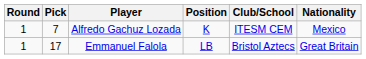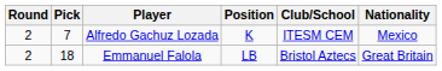 <table class="wikitable" style="font-size: 95%;">
 <tr>
 <th scope="col">Round</th>
 <th scope="col">Pick</th>
 <th scope="col">Player</th>
 <th scope="col">Position</th>
 <th scope="col">Club/School</th>
 <th scope="col">Nationality</th>
 </tr>
 <tr align="center">
-<td align=center>1</td>
+<td align=center>2</td>
 <td>7</td>
 <td><a href='#'>Alfredo Gachuz Lozada</a></td>
 <td><a href='#'>K</a></td>
 <td><a href='#'>ITESM CEM</a></td>
 <td> <a href='#'>Mexico</a></td>
 </tr>
 <tr align="center">
-<td align=center>1</td>
-<td>17</td>
+<td align=center>2</td>
+<td>18</td>
 <td><a href='#'>Emmanuel Falola</a></td>
 <td><a href='#'>LB</a></td>
 <td><a href='#'>Bristol Aztecs</a></td>
 <td> <a href='#'>Great Britain</a></td>
 </tr>
 </table>
